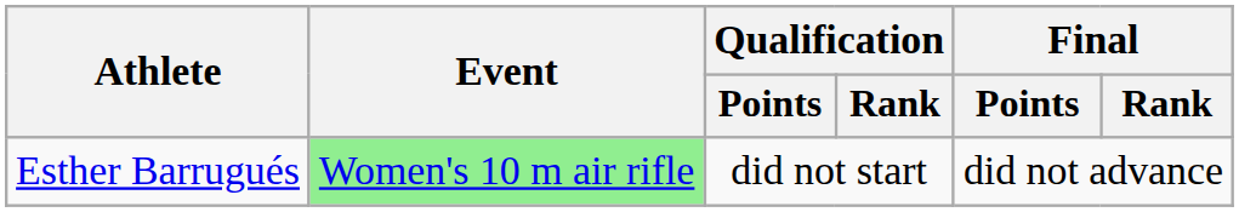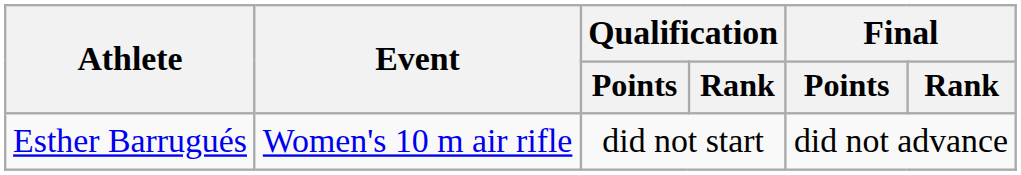 <table class="wikitable" style="text-align:center; font-size:90%">
 <tr>
 <th rowspan=2>Athlete</th>
 <th rowspan=2>Event</th>
 <th colspan=2>Qualification</th>
 <th colspan=2>Final</th>
 </tr>
 <tr style="font-size:95%">
 <th>Points</th>
 <th>Rank</th>
 <th>Points</th>
 <th>Rank</th>
 </tr>
 <tr>
 <td align=left><a href='#'>Esther Barrugués</a></td>
-<td align=left style="background: lightgreen;"><a href='#'>Women's 10 m air rifle</a></td>
+<td align=left><a href='#'>Women's 10 m air rifle</a></td>
 <td colspan=2>did not start</td>
 <td colspan=2>did not advance</td>
 </tr>
 </table>
